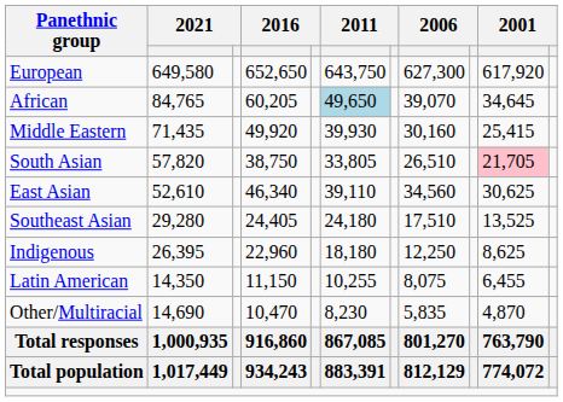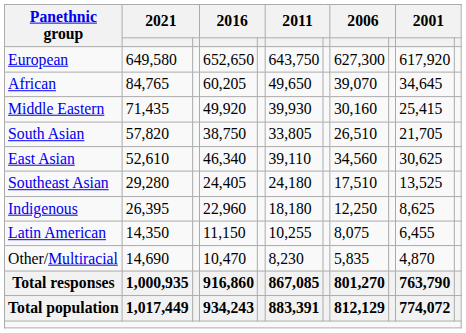 <table class="wikitable collapsible sortable">
 <tr>
 <th rowspan="2"><a href='#'>Panethnic</a><br>group</th>
 <th colspan="2">2021</th>
 <th colspan="2">2016</th>
 <th colspan="2">2011</th>
 <th colspan="2">2006</th>
 <th colspan="2">2001</th>
 </tr>
 <tr>
 <th><a href='#'></a></th>
 <th></th>
 <th></th>
 <th></th>
 <th></th>
 <th></th>
 <th></th>
 <th></th>
 <th></th>
 <th></th>
 </tr>
 <tr>
 <td><a href='#'>European</a></td>
 <td>649,580</td>
 <td></td>
 <td>652,650</td>
 <td></td>
 <td>643,750</td>
 <td></td>
 <td>627,300</td>
 <td></td>
 <td>617,920</td>
 <td></td>
 </tr>
 <tr>
 <td><a href='#'>African</a></td>
 <td>84,765</td>
 <td></td>
 <td>60,205</td>
 <td></td>
-<td style="background: lightblue;">49,650</td>
+<td>49,650</td>
 <td></td>
 <td>39,070</td>
 <td></td>
 <td>34,645</td>
 <td></td>
 </tr>
 <tr>
 <td><a href='#'>Middle Eastern</a></td>
 <td>71,435</td>
 <td></td>
 <td>49,920</td>
 <td></td>
 <td>39,930</td>
 <td></td>
 <td>30,160</td>
 <td></td>
 <td>25,415</td>
 <td></td>
 </tr>
 <tr>
 <td><a href='#'>South Asian</a></td>
 <td>57,820</td>
 <td></td>
 <td>38,750</td>
 <td></td>
 <td>33,805</td>
 <td></td>
 <td>26,510</td>
 <td></td>
-<td style="background: pink;">21,705</td>
+<td>21,705</td>
 <td></td>
 </tr>
 <tr>
 <td><a href='#'>East Asian</a></td>
 <td>52,610</td>
 <td></td>
 <td>46,340</td>
 <td></td>
 <td>39,110</td>
 <td></td>
 <td>34,560</td>
 <td></td>
 <td>30,625</td>
 <td></td>
 </tr>
 <tr>
 <td><a href='#'>Southeast Asian</a></td>
 <td>29,280</td>
 <td></td>
 <td>24,405</td>
 <td></td>
 <td>24,180</td>
 <td></td>
 <td>17,510</td>
 <td></td>
 <td>13,525</td>
 <td></td>
 </tr>
 <tr>
 <td><a href='#'>Indigenous</a></td>
 <td>26,395</td>
 <td></td>
 <td>22,960</td>
 <td></td>
 <td>18,180</td>
 <td></td>
 <td>12,250</td>
 <td></td>
 <td>8,625</td>
 <td></td>
 </tr>
 <tr>
 <td><a href='#'>Latin American</a></td>
 <td>14,350</td>
 <td></td>
 <td>11,150</td>
 <td></td>
 <td>10,255</td>
 <td></td>
 <td>8,075</td>
 <td></td>
 <td>6,455</td>
 <td></td>
 </tr>
 <tr>
 <td>Other/<a href='#'>Multiracial</a></td>
 <td>14,690</td>
 <td></td>
 <td>10,470</td>
 <td></td>
 <td>8,230</td>
 <td></td>
 <td>5,835</td>
 <td></td>
 <td>4,870</td>
 <td></td>
 </tr>
 <tr>
 <th>Total responses</th>
 <th>1,000,935</th>
 <th></th>
 <th>916,860</th>
 <th></th>
 <th>867,085</th>
 <th></th>
 <th>801,270</th>
 <th></th>
 <th>763,790</th>
 <th></th>
 </tr>
 <tr>
 <th>Total population</th>
 <th>1,017,449</th>
 <th></th>
 <th>934,243</th>
 <th></th>
 <th>883,391</th>
 <th></th>
 <th>812,129</th>
 <th></th>
 <th>774,072</th>
 <th></th>
 </tr>
 <tr class="sortbottom">
 <td colspan="15"></td>
 </tr>
 </table>
